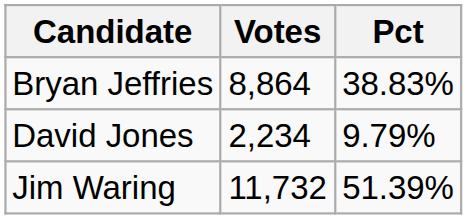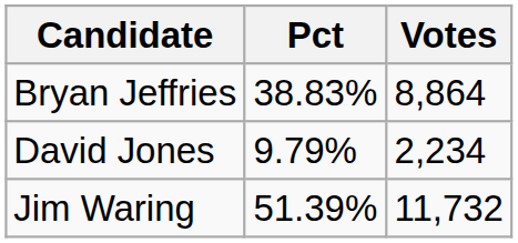 <table class="wikitable" style="margin:0.5em; font-size:95%;">
 <tr>
 <th scope="col">Candidate</th>
+<th scope="col">Pct</th>
 <th scope="col">Votes</th>
-<th scope="col">Pct</th>
 </tr>
 <tr>
 <td>Bryan Jeffries</td>
+<td>38.83%</td>
 <td>8,864</td>
-<td>38.83%</td>
 </tr>
 <tr>
 <td>David Jones</td>
+<td>9.79%</td>
 <td>2,234</td>
-<td>9.79%</td>
 </tr>
 <tr>
 <td>Jim Waring</td>
+<td>51.39%</td>
 <td>11,732</td>
-<td>51.39%</td>
 </tr>
 </table>
